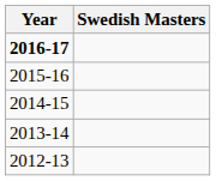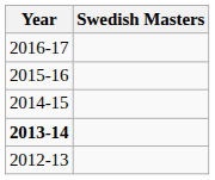 <table class="wikitable">
 <tr>
 <th>Year</th>
 <th>Swedish Masters</th>
 </tr>
 <tr>
-<td><strong>2016-17</strong></td>
+<td>2016-17</td>
 <td></td>
 </tr>
 <tr>
 <td>2015-16</td>
 <td></td>
 </tr>
 <tr>
 <td>2014-15</td>
 <td></td>
 </tr>
 <tr>
-<td>2013-14</td>
+<td><strong>2013-14</strong></td>
 <td></td>
 </tr>
 <tr>
 <td>2012-13</td>
 <td></td>
 </tr>
 </table>
